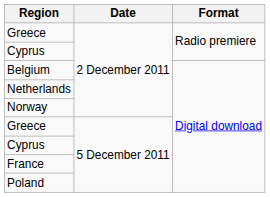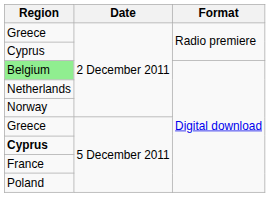 <table class="wikitable">
 <tr>
 <th>Region</th>
 <th>Date</th>
 <th>Format</th>
 </tr>
 <tr>
 <td>Greece</td>
 <td rowspan="5">2 December 2011</td>
 <td rowspan="2">Radio premiere</td>
 </tr>
 <tr>
 <td>Cyprus</td>
 </tr>
 <tr>
-<td>Belgium</td>
+<td style="background: lightgreen;">Belgium</td>
 <td rowspan="7"><a href='#'>Digital download</a></td>
 </tr>
 <tr>
 <td>Netherlands</td>
 </tr>
 <tr>
 <td>Norway</td>
 </tr>
 <tr>
 <td>Greece</td>
 <td rowspan="4">5 December 2011</td>
 </tr>
 <tr>
-<td>Cyprus</td>
+<td><strong>Cyprus</strong></td>
 </tr>
 <tr>
 <td>France</td>
 </tr>
 <tr>
 <td>Poland</td>
 </tr>
 </table>
